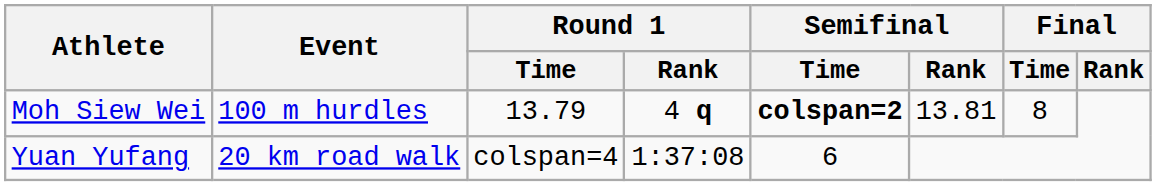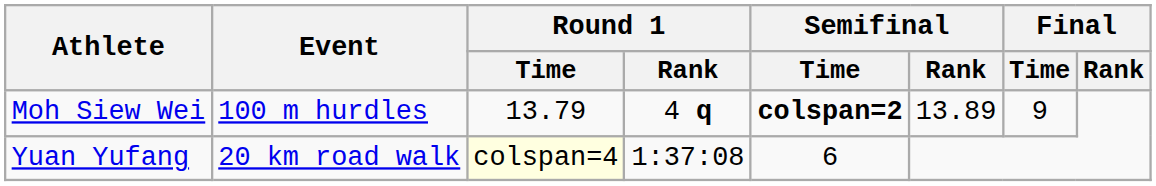 <table class="wikitable" style="font-size:90%">
 <tr>
 <th rowspan=2>Athlete</th>
 <th rowspan=2>Event</th>
 <th colspan=2>Round 1</th>
 <th colspan=2>Semifinal</th>
 <th colspan=2>Final</th>
 </tr>
 <tr style="font-size:95%">
 <th>Time</th>
 <th>Rank</th>
 <th>Time</th>
 <th>Rank</th>
 <th>Time</th>
 <th>Rank</th>
 </tr>
 <tr align=center>
 <td align=left><a href='#'>Moh Siew Wei</a></td>
 <td align=left><a href='#'>100 m hurdles</a></td>
 <td>13.79</td>
 <td>4 <strong>q</strong></td>
 <td><strong>colspan=2 </strong></td>
-<td>13.81</td>
-<td>8</td>
+<td>13.89</td>
+<td>9</td>
 </tr>
 <tr align=center>
 <td align=left><a href='#'>Yuan Yufang</a></td>
 <td rowspan=2 align=left><a href='#'>20 km road walk</a></td>
-<td>colspan=4 </td>
+<td style="background: lightyellow;">colspan=4 </td>
 <td>1:37:08</td>
 <td>6</td>
 </tr>
 </table>
